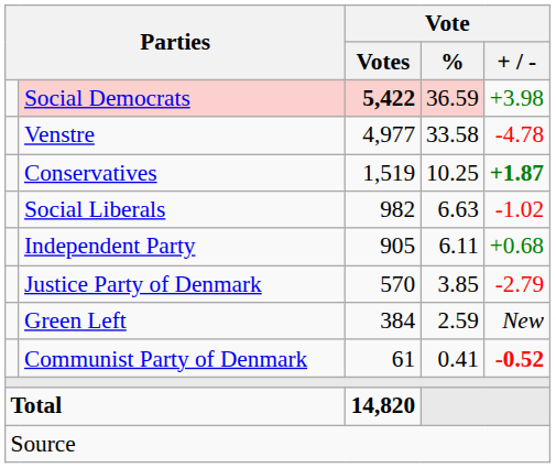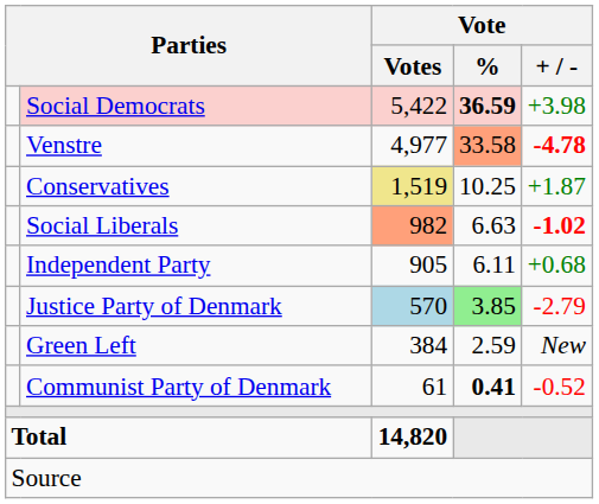 <table class="wikitable" style="text-align:right;">
 <tr>
 <th style="text-align:centre;" rowspan="2" colspan="2" width="225">Parties</th>
 <th colspan="3">Vote</th>
 </tr>
 <tr>
 <th width="15">Votes</th>
 <th width="15">%</th>
 <th width="15">+ / -</th>
 </tr>
 <tr>
 <td width="2" style="color:inherit;background:"></td>
 <td bgcolor=#fbd0ce  align="left"><a href='#'>Social Democrats</a></td>
-<td bgcolor=#fbd0ce><strong>5,422</strong></td>
-<td bgcolor=#fbd0ce>36.59</td>
+<td bgcolor=#fbd0ce>5,422</td>
+<td bgcolor=#fbd0ce><strong>36.59</strong></td>
 <td style=color:green;>+3.98</td>
 </tr>
 <tr>
 <td width="2" style="color:inherit;background:"></td>
 <td align="left"><a href='#'>Venstre</a></td>
 <td>4,977</td>
-<td>33.58</td>
-<td style=color:red;>-4.78</td>
+<td style="background: lightsalmon;">33.58</td>
+<td style=color:red;><strong>-4.78</strong></td>
 </tr>
 <tr>
 <td width="2" style="color:inherit;background:"></td>
 <td align="left"><a href='#'>Conservatives</a></td>
-<td>1,519</td>
+<td style="background: khaki;">1,519</td>
 <td>10.25</td>
-<td style=color:green;><strong>+1.87</strong></td>
+<td style=color:green;>+1.87</td>
 </tr>
 <tr>
 <td width="2" style="color:inherit;background:"></td>
 <td align="left"><a href='#'>Social Liberals</a></td>
-<td>982</td>
+<td style="background: lightsalmon;">982</td>
 <td>6.63</td>
-<td style=color:red;>-1.02</td>
+<td style=color:red;><strong>-1.02</strong></td>
 </tr>
 <tr>
 <td width="2" style="color:inherit;background:"></td>
 <td align="left"><a href='#'>Independent Party</a></td>
 <td>905</td>
 <td>6.11</td>
 <td style=color:green;>+0.68</td>
 </tr>
 <tr>
 <td width="2" style="color:inherit;background:"></td>
 <td align="left"><a href='#'>Justice Party of Denmark</a></td>
-<td>570</td>
-<td>3.85</td>
+<td style="background: lightblue;">570</td>
+<td style="background: lightgreen;">3.85</td>
 <td style=color:red;>-2.79</td>
 </tr>
 <tr>
 <td width="2" style="color:inherit;background:"></td>
 <td align="left"><a href='#'>Green Left</a></td>
 <td>384</td>
 <td>2.59</td>
 <td><em>New</em></td>
 </tr>
 <tr>
 <td width="2" style="color:inherit;background:"></td>
 <td align="left"><a href='#'>Communist Party of Denmark</a></td>
 <td>61</td>
-<td>0.41</td>
-<td style=color:red;><strong>-0.52</strong></td>
+<td><strong>0.41</strong></td>
+<td style=color:red;>-0.52</td>
 </tr>
 <tr>
 <td colspan="7" bgcolor="#E9E9E9"></td>
 </tr>
 <tr>
 <td align="left" colspan="2"><strong>Total</strong></td>
 <td><strong>14,820</strong></td>
 <td bgcolor="#E9E9E9" colspan="2"></td>
 </tr>
 <tr>
 <td align="left" colspan="6">Source</td>
 </tr>
 </table>
